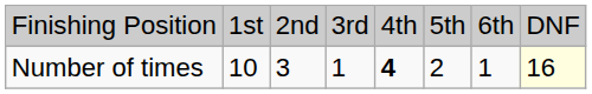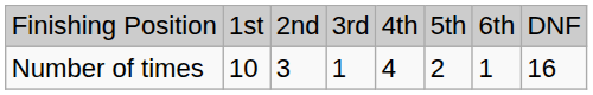 <table class="wikitable">
 <tr style="background:#ccc;">
 <td>Finishing Position</td>
 <td>1st</td>
 <td>2nd</td>
 <td>3rd</td>
 <td>4th</td>
 <td>5th</td>
 <td>6th</td>
 <td>DNF</td>
 </tr>
 <tr>
 <td>Number of times</td>
 <td>10</td>
 <td>3</td>
 <td>1</td>
-<td><strong>4</strong></td>
+<td>4</td>
 <td>2</td>
 <td>1</td>
-<td style="background: lightyellow;">16</td>
+<td>16</td>
 </tr>
 </table>
